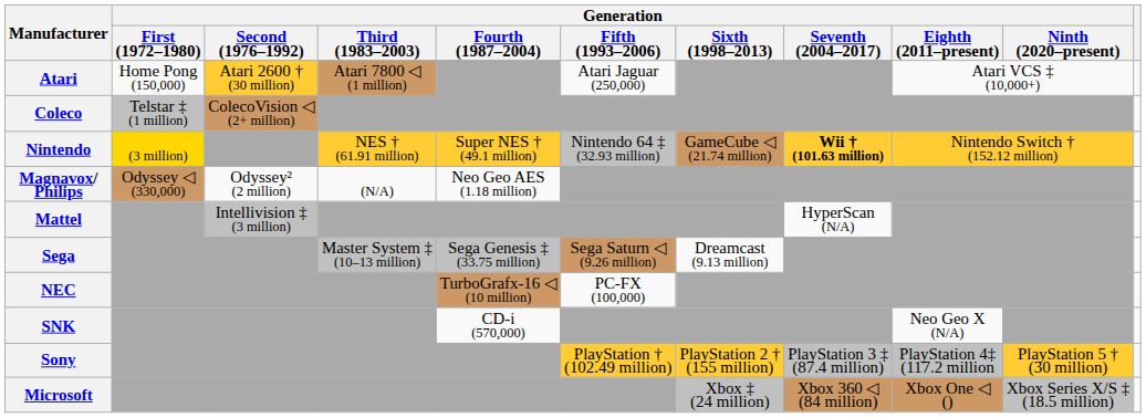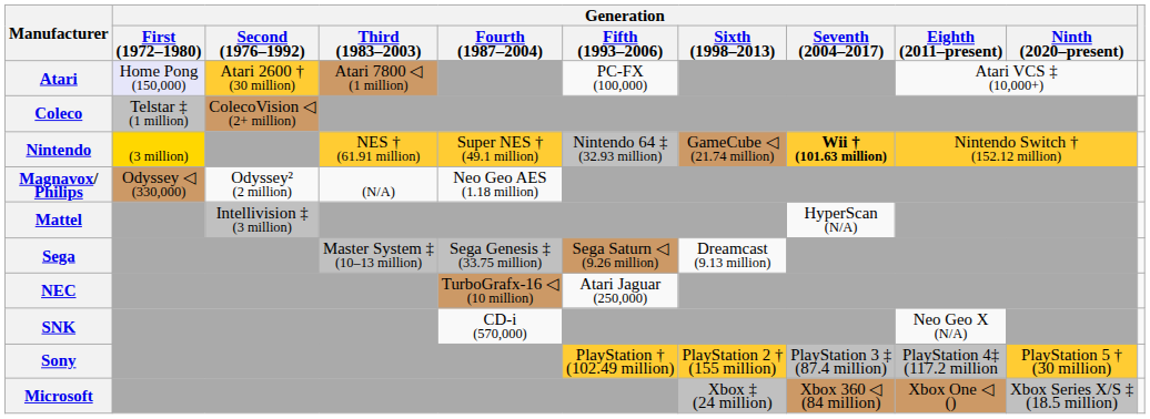 <table class="wikitable" style="text-align:center; width:auto; line-height:13px;">
 <tr>
 <th rowspan="2" scope="col">Manufacturer</th>
 <th colspan="9" scope="col">Generation</th>
 <th rowspan="2" scope="col"></th>
 </tr>
 <tr>
 <th scope="col"><a href='#'>First</a><br><span>(1972–1980)</span></th>
 <th scope="col"><a href='#'>Second</a><br><span>(1976–1992)</span></th>
 <th scope="col"><a href='#'>Third</a><br><span>(1983–2003)</span></th>
 <th scope="col"><a href='#'>Fourth</a><br><span>(1987–2004)</span></th>
 <th scope="col"><a href='#'>Fifth</a><br><span>(1993–2006)</span></th>
 <th scope="col"><a href='#'>Sixth</a><br><span>(1998–2013)</span></th>
 <th scope="col"><a href='#'>Seventh</a><br><span>(2004–2017)</span></th>
 <th scope="col"><a href='#'>Eighth</a><br><span>(2011–present)</span></th>
 <th scope="col"><a href='#'>Ninth</a><br><span>(2020–present)</span></th>
 </tr>
 <tr>
 <th><a href='#'>Atari</a></th>
-<td>Home Pong<br><small>(150,000)</small></td>
+<td style="background: lavender;">Home Pong<br><small>(150,000)</small></td>
 <td style="background:#FC3;">Atari 2600 †<br><small>(30 million)</small></td>
 <td style="background:#C96">Atari 7800 ◁<br><small>(1 million)</small></td>
 <td bgcolor="#AAA"></td>
-<td>Atari Jaguar<br><small>(250,000)</small></td>
+<td>PC-FX<br><small>(100,000)</small></td>
 <td bgcolor="#AAA" colspan=2></td>
 <td style="#AAA" colspan=2>Atari VCS ‡<br><small>(10,000+)</small></td>
 <td></td>
 </tr>
 <tr>
 <th><a href='#'>Coleco</a></th>
 <td style="background:silver;">Telstar ‡<br><small>(1 million)</small></td>
 <td style="background:#C96">ColecoVision ◁<br><small>(2+ million)</small></td>
 <td bgcolor="#AAA" colspan=7></td>
 <td></td>
 </tr>
 <tr>
 <th><a href='#'>Nintendo</a></th>
 <td style="background:gold;"><br><small>(3 million)</small></td>
 <td bgcolor="#AAA"></td>
 <td style="background:#FC3;">NES †<br><small>(61.91 million)</small></td>
 <td style="background:#FC3;">Super NES †<br><small>(49.1 million)</small></td>
 <td style="background:silver;">Nintendo 64 ‡<br><small>(32.93 million)</small></td>
 <td style="background:#C96">GameCube ◁<br><small>(21.74 million)</small></td>
 <td style="background:#FC3;"><strong>Wii †<br><small>(101.63 million)</small></strong></td>
 <td style="background:#FC3;" colspan=2>Nintendo Switch †<br><small>(152.12 million)</small></td>
 <td></td>
 </tr>
 <tr>
 <th><a href='#'>Magnavox</a>/<br><a href='#'>Philips</a></th>
 <td style="background:#C96">Odyssey ◁<br><small>(330,000)</small></td>
 <td>Odyssey²<br><small>(2 million)</small></td>
 <td><br><small>(N/A)</small></td>
 <td style="#AAA">Neo Geo AES <br><small>(1.18 million)</small></td>
 <td bgcolor="#AAA" colspan=5></td>
 <td></td>
 </tr>
 <tr>
 <th><a href='#'>Mattel</a></th>
 <td bgcolor="#AAA"></td>
 <td style="background:silver;">Intellivision ‡<br><small>(3 million)</small></td>
 <td bgcolor="#AAA" colspan=4></td>
 <td>HyperScan<br><small>(N/A)</small></td>
 <td bgcolor="#AAA" colspan=2></td>
 <td></td>
 </tr>
 <tr>
 <th><a href='#'>Sega</a></th>
 <td bgcolor="#AAA" colspan=2></td>
 <td style="background:silver;">Master System ‡<br><small>(10–13 million)</small></td>
 <td style="background:silver;">Sega Genesis ‡<br><small>(33.75 million)</small></td>
 <td style="background:#C96">Sega Saturn ◁<br><small>(9.26 million)</small></td>
 <td>Dreamcast<br><small>(9.13 million)</small></td>
 <td bgcolor="#AAA" colspan=3></td>
 <td></td>
 </tr>
 <tr>
 <th><a href='#'>NEC</a></th>
 <td bgcolor="#AAA" colspan=3></td>
 <td style="background:#C96">TurboGrafx-16 ◁<br><small>(10 million)</small></td>
-<td>PC-FX<br><small>(100,000)</small></td>
+<td>Atari Jaguar<br><small>(250,000)</small></td>
 <td bgcolor="#AAA" colspan=4></td>
 <td></td>
 </tr>
 <tr>
 <th><a href='#'>SNK</a></th>
 <td bgcolor="#AAA" colspan=3></td>
 <td>CD-i<br><small>(570,000)</small></td>
 <td bgcolor="#AAA" colspan=3></td>
 <td style="#AAA">Neo Geo X <br><small>(N/A)</small></td>
 <td bgcolor="#AAA" colspan=1></td>
 <td></td>
 </tr>
 <tr>
 <th><a href='#'>Sony</a></th>
 <td bgcolor="#AAA" colspan=4></td>
 <td style="background:#FC3;">PlayStation †<br>(102.49 million)</td>
 <td style="background:#FC3;">PlayStation 2 †<br>(155 million)</td>
 <td style="background:silver">PlayStation 3 ‡<br>(87.4 million)</td>
 <td style="background:silver">PlayStation 4‡ <br>(117.2 million</td>
 <td style="background:#FC3;">PlayStation 5 †<br>(30 million)</td>
 <td></td>
 </tr>
 <tr>
 <th><a href='#'>Microsoft</a></th>
 <td bgcolor="#AAA" colspan=5></td>
 <td style="background:silver;">Xbox ‡<br>(24 million)</td>
 <td style="background:#C96;">Xbox 360 ◁<br>(84 million)</td>
 <td style="background:#C96;">Xbox One ◁<br>()</td>
 <td style="background:silver;">Xbox Series X/S ‡<br>(18.5 million)</td>
 <td></td>
 </tr>
 </table>
